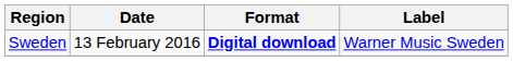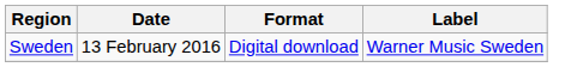 <table class=wikitable>
 <tr>
 <th>Region</th>
 <th>Date</th>
 <th>Format</th>
 <th>Label</th>
 </tr>
 <tr>
 <td><a href='#'>Sweden</a></td>
 <td>13 February 2016</td>
-<td><strong><a href='#'>Digital download</a></strong></td>
+<td><a href='#'>Digital download</a></td>
 <td><a href='#'>Warner Music Sweden</a></td>
 </tr>
 <tr>
 </tr>
 </table>
